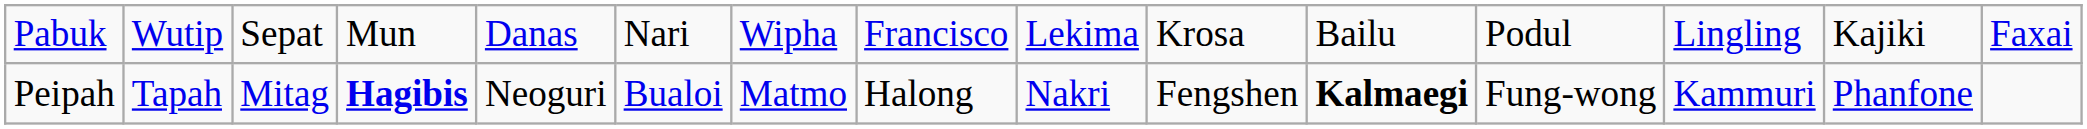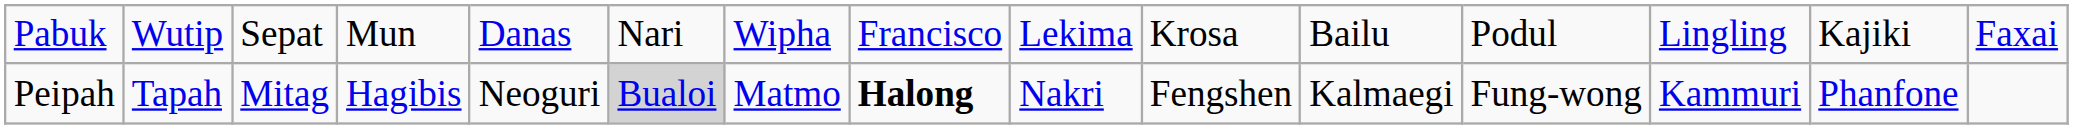 <table class="wikitable">
 <tr>
 <td><a href='#'>Pabuk</a></td>
 <td><a href='#'>Wutip</a></td>
 <td>Sepat</td>
 <td>Mun</td>
 <td><a href='#'>Danas</a></td>
 <td>Nari</td>
 <td><a href='#'>Wipha</a></td>
 <td><a href='#'>Francisco</a></td>
 <td><a href='#'>Lekima</a></td>
 <td>Krosa</td>
 <td>Bailu</td>
 <td>Podul</td>
 <td><a href='#'>Lingling</a></td>
 <td>Kajiki</td>
 <td><a href='#'>Faxai</a></td>
 </tr>
 <tr>
 <td>Peipah</td>
 <td><a href='#'>Tapah</a></td>
 <td><a href='#'>Mitag</a></td>
-<td><strong><a href='#'>Hagibis</a></strong></td>
+<td><a href='#'>Hagibis</a></td>
 <td>Neoguri</td>
-<td><a href='#'>Bualoi</a></td>
+<td style="background: lightgrey;"><a href='#'>Bualoi</a></td>
 <td><a href='#'>Matmo</a></td>
-<td>Halong</td>
+<td><strong>Halong</strong></td>
 <td><a href='#'>Nakri</a></td>
 <td>Fengshen</td>
-<td><strong>Kalmaegi</strong></td>
+<td>Kalmaegi</td>
 <td>Fung-wong</td>
 <td><a href='#'>Kammuri</a></td>
 <td><a href='#'>Phanfone</a></td>
 <td></td>
 </tr>
 </table>
